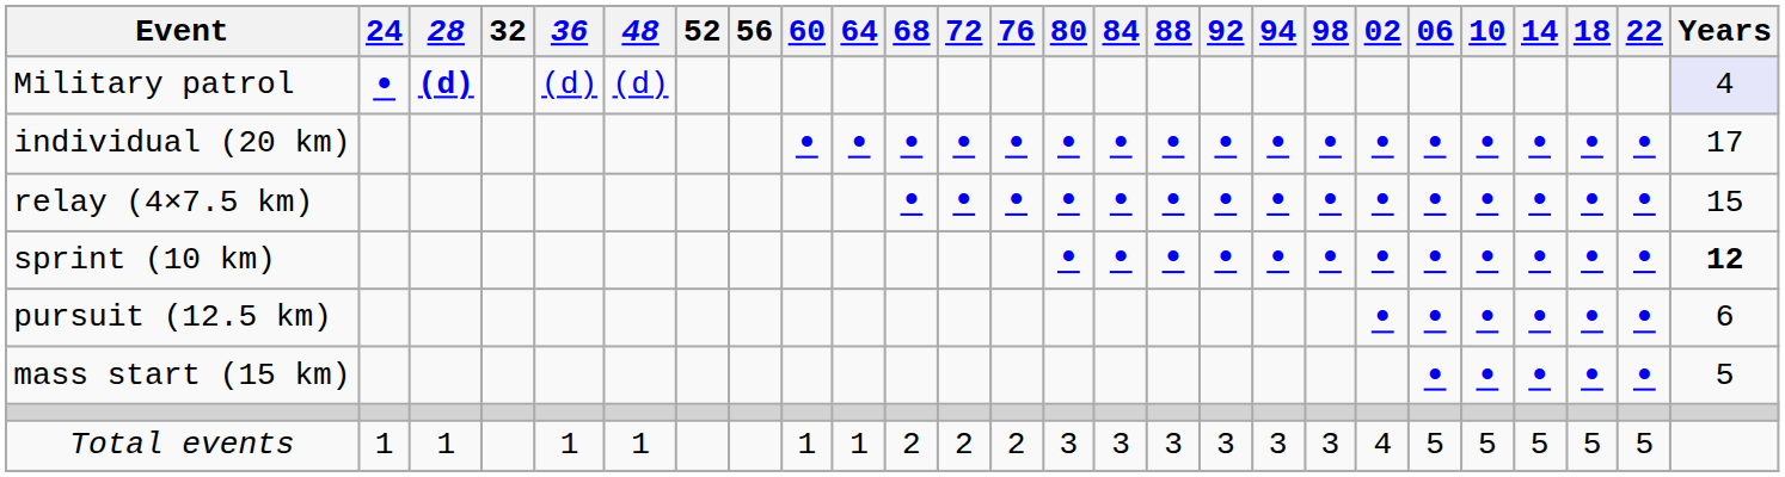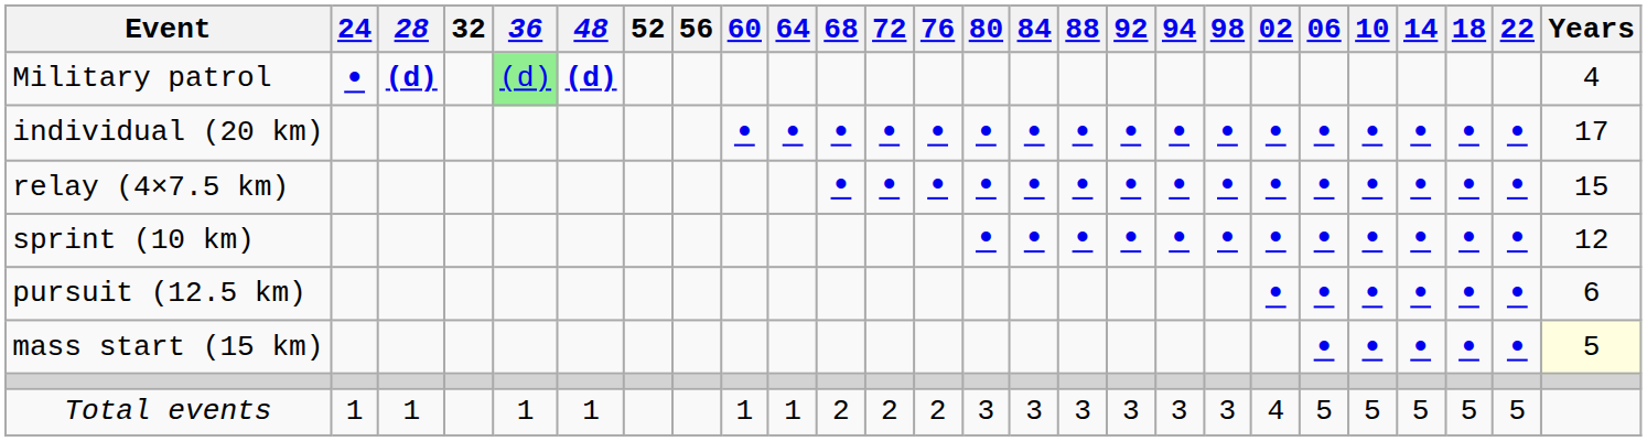 <table class="wikitable" style="text-align:center">
 <tr>
 <th>Event</th>
 <th><a href='#'>24</a></th>
 <th><em><a href='#'>28</a></em></th>
 <th>32</th>
 <th><em><a href='#'>36</a></em></th>
 <th><em><a href='#'>48</a></em></th>
 <th>52</th>
 <th>56</th>
 <th><a href='#'>60</a></th>
 <th><a href='#'>64</a></th>
 <th><a href='#'>68</a></th>
 <th><a href='#'>72</a></th>
 <th><a href='#'>76</a></th>
 <th><a href='#'>80</a></th>
 <th><a href='#'>84</a></th>
 <th><a href='#'>88</a></th>
 <th><a href='#'>92</a></th>
 <th><a href='#'>94</a></th>
 <th><a href='#'>98</a></th>
 <th><a href='#'>02</a></th>
 <th><a href='#'>06</a></th>
 <th><a href='#'>10</a></th>
 <th><a href='#'>14</a></th>
 <th><a href='#'>18</a></th>
 <th><a href='#'>22</a></th>
 <th>Years</th>
 </tr>
 <tr>
 <td align=left>Military patrol</td>
 <td><big><strong><a href='#'>•</a></strong></big></td>
 <td><strong><a href='#'>(d)</a></strong></td>
 <td></td>
-<td><a href='#'>(d)</a></td>
-<td><a href='#'>(d)</a></td>
+<td style="background: lightgreen;"><a href='#'>(d)</a></td>
+<td><strong><a href='#'>(d)</a></strong></td>
 <td></td>
 <td></td>
 <td></td>
 <td></td>
 <td></td>
 <td></td>
 <td></td>
 <td></td>
 <td></td>
 <td></td>
 <td></td>
 <td></td>
 <td></td>
 <td></td>
 <td></td>
 <td></td>
 <td></td>
 <td></td>
 <td></td>
-<td style="background: lavender;">4</td>
+<td>4</td>
 </tr>
 <tr>
 <td align=left>individual (20 km)</td>
 <td></td>
 <td></td>
 <td></td>
 <td></td>
 <td></td>
 <td></td>
 <td></td>
 <td><big><strong><a href='#'>•</a></strong></big></td>
 <td><big><strong><a href='#'>•</a></strong></big></td>
 <td><big><strong><a href='#'>•</a></strong></big></td>
 <td><big><strong><a href='#'>•</a></strong></big></td>
 <td><big><strong><a href='#'>•</a></strong></big></td>
 <td><big><strong><a href='#'>•</a></strong></big></td>
 <td><big><strong><a href='#'>•</a></strong></big></td>
 <td><big><strong><a href='#'>•</a></strong></big></td>
 <td><big><strong><a href='#'>•</a></strong></big></td>
 <td><big><strong><a href='#'>•</a></strong></big></td>
 <td><big><strong><a href='#'>•</a></strong></big></td>
 <td><big><strong><a href='#'>•</a></strong></big></td>
 <td><big><strong><a href='#'>•</a></strong></big></td>
 <td><big><strong><a href='#'>•</a></strong></big></td>
 <td><big><strong><a href='#'>•</a></strong></big></td>
 <td><big><strong><a href='#'>•</a></strong></big></td>
 <td><big><strong><a href='#'>•</a></strong></big></td>
 <td>17</td>
 </tr>
 <tr>
 <td align=left>relay (4×7.5 km)</td>
 <td></td>
 <td></td>
 <td></td>
 <td></td>
 <td></td>
 <td></td>
 <td></td>
 <td></td>
 <td></td>
 <td><big><strong><a href='#'>•</a></strong></big></td>
 <td><big><strong><a href='#'>•</a></strong></big></td>
 <td><big><strong><a href='#'>•</a></strong></big></td>
 <td><big><strong><a href='#'>•</a></strong></big></td>
 <td><big><strong><a href='#'>•</a></strong></big></td>
 <td><big><strong><a href='#'>•</a></strong></big></td>
 <td><big><strong><a href='#'>•</a></strong></big></td>
 <td><big><strong><a href='#'>•</a></strong></big></td>
 <td><big><strong><a href='#'>•</a></strong></big></td>
 <td><big><strong><a href='#'>•</a></strong></big></td>
 <td><big><strong><a href='#'>•</a></strong></big></td>
 <td><big><strong><a href='#'>•</a></strong></big></td>
 <td><big><strong><a href='#'>•</a></strong></big></td>
 <td><big><strong><a href='#'>•</a></strong></big></td>
 <td><big><strong><a href='#'>•</a></strong></big></td>
 <td>15</td>
 </tr>
 <tr>
 <td align=left>sprint (10 km)</td>
 <td></td>
 <td></td>
 <td></td>
 <td></td>
 <td></td>
 <td></td>
 <td></td>
 <td></td>
 <td></td>
 <td></td>
 <td></td>
 <td></td>
 <td><big><strong><a href='#'>•</a></strong></big></td>
 <td><big><strong><a href='#'>•</a></strong></big></td>
 <td><big><strong><a href='#'>•</a></strong></big></td>
 <td><big><strong><a href='#'>•</a></strong></big></td>
 <td><big><strong><a href='#'>•</a></strong></big></td>
 <td><big><strong><a href='#'>•</a></strong></big></td>
 <td><big><strong><a href='#'>•</a></strong></big></td>
 <td><big><strong><a href='#'>•</a></strong></big></td>
 <td><big><strong><a href='#'>•</a></strong></big></td>
 <td><big><strong><a href='#'>•</a></strong></big></td>
 <td><big><strong><a href='#'>•</a></strong></big></td>
 <td><big><strong><a href='#'>•</a></strong></big></td>
-<td><strong>12</strong></td>
+<td>12</td>
 </tr>
 <tr>
 <td align=left>pursuit (12.5 km)</td>
 <td></td>
 <td></td>
 <td></td>
 <td></td>
 <td></td>
 <td></td>
 <td></td>
 <td></td>
 <td></td>
 <td></td>
 <td></td>
 <td></td>
 <td></td>
 <td></td>
 <td></td>
 <td></td>
 <td></td>
 <td></td>
 <td><big><strong><a href='#'>•</a></strong></big></td>
 <td><big><strong><a href='#'>•</a></strong></big></td>
 <td><big><strong><a href='#'>•</a></strong></big></td>
 <td><big><strong><a href='#'>•</a></strong></big></td>
 <td><big><strong><a href='#'>•</a></strong></big></td>
 <td><big><strong><a href='#'>•</a></strong></big></td>
 <td>6</td>
 </tr>
 <tr>
 <td align=left>mass start (15 km)</td>
 <td></td>
 <td></td>
 <td></td>
 <td></td>
 <td></td>
 <td></td>
 <td></td>
 <td></td>
 <td></td>
 <td></td>
 <td></td>
 <td></td>
 <td></td>
 <td></td>
 <td></td>
 <td></td>
 <td></td>
 <td></td>
 <td></td>
 <td><big><strong><a href='#'>•</a></strong></big></td>
 <td><big><strong><a href='#'>•</a></strong></big></td>
 <td><big><strong><a href='#'>•</a></strong></big></td>
 <td><big><strong><a href='#'>•</a></strong></big></td>
 <td><big><strong><a href='#'>•</a></strong></big></td>
-<td>5</td>
+<td style="background: lightyellow;">5</td>
 </tr>
 <tr bgcolor=lightgray>
 <td></td>
 <td></td>
 <td></td>
 <td></td>
 <td></td>
 <td></td>
 <td></td>
 <td></td>
 <td></td>
 <td></td>
 <td></td>
 <td></td>
 <td></td>
 <td></td>
 <td></td>
 <td></td>
 <td></td>
 <td></td>
 <td></td>
 <td></td>
 <td></td>
 <td></td>
 <td></td>
 <td></td>
 <td></td>
 <td></td>
 </tr>
 <tr align=center>
 <td><em>Total events</em></td>
 <td>1</td>
 <td>1</td>
 <td></td>
 <td>1</td>
 <td>1</td>
 <td></td>
 <td></td>
 <td>1</td>
 <td>1</td>
 <td>2</td>
 <td>2</td>
 <td>2</td>
 <td>3</td>
 <td>3</td>
 <td>3</td>
 <td>3</td>
 <td>3</td>
 <td>3</td>
 <td>4</td>
 <td>5</td>
 <td>5</td>
 <td>5</td>
 <td>5</td>
 <td>5</td>
 </tr>
 </table>
